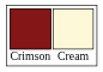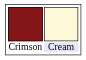 <table style="float:right; border:1px solid #000; padding:2px;">
 <tr>
 <td style="background:#841617; width:50px; height:50px; padding:2px; border:1px solid #000;"></td>
 <td style="background:#FDF9D8; width:50px; height:50px; padding:2px; border:1px solid #000;"></td>
 </tr>
 <tr style="line-height:90%; text-align:center;">
 <td>Crimson</td>
-<td>Cream</td>
+<td style="background: lavender;">Cream</td>
 </tr>
 </table>
